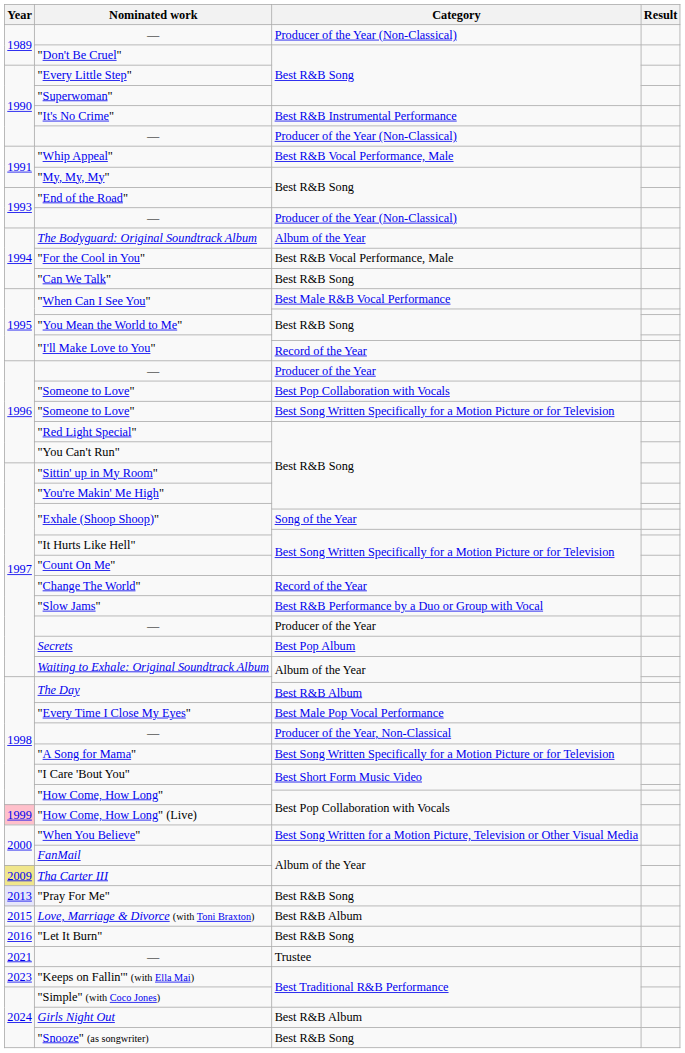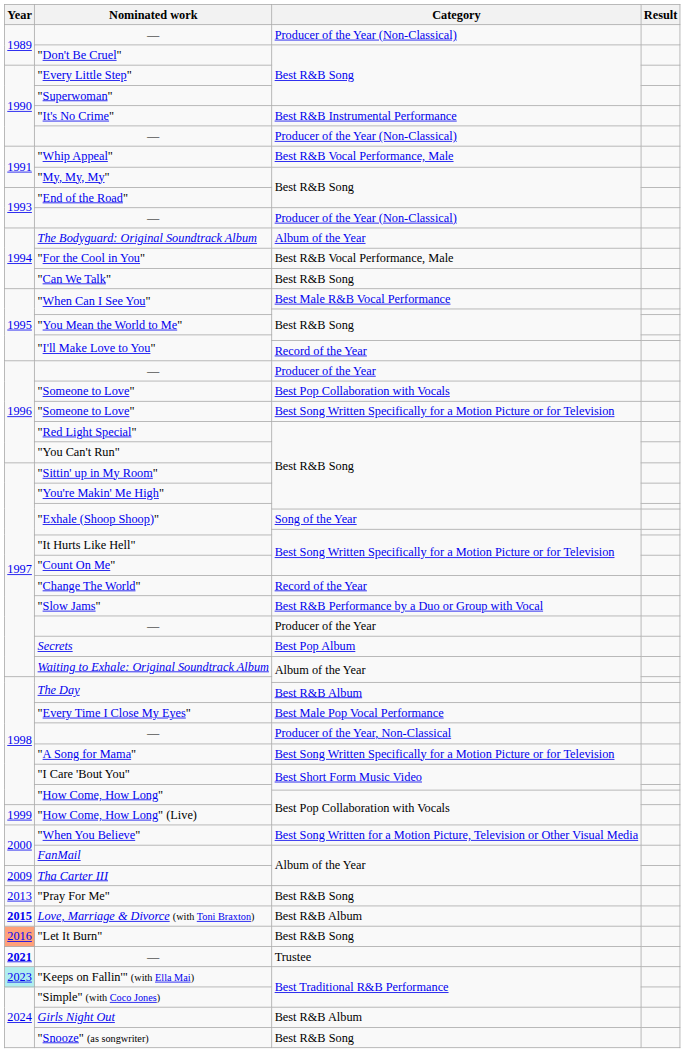 <table class="wikitable plainrowheaders" style="text-align:left; font-size:95%;">
 <tr>
 <th scope="col">Year</th>
 <th scope="col">Nominated work</th>
 <th scope="col">Category</th>
 <th scope="col">Result</th>
 </tr>
 <tr>
 <td style="text-align:center;" rowspan="2"><a href='#'>1989</a></td>
 <td align="center">—</td>
 <td><a href='#'>Producer of the Year (Non-Classical)</a></td>
 <td></td>
 </tr>
 <tr>
 <td>"<a href='#'>Don't Be Cruel</a>"</td>
 <td rowspan="3"><a href='#'>Best R&B Song</a></td>
 <td></td>
 </tr>
 <tr>
 <td style="text-align:center;" rowspan="4"><a href='#'>1990</a></td>
 <td>"<a href='#'>Every Little Step</a>"</td>
 <td></td>
 </tr>
 <tr>
 <td>"<a href='#'>Superwoman</a>"</td>
 <td></td>
 </tr>
 <tr>
 <td>"<a href='#'>It's No Crime</a>"</td>
 <td><a href='#'>Best R&B Instrumental Performance</a></td>
 <td></td>
 </tr>
 <tr>
 <td align="center">—</td>
 <td><a href='#'>Producer of the Year (Non-Classical)</a></td>
 <td></td>
 </tr>
 <tr>
 <td style="text-align:center;" rowspan="2"><a href='#'>1991</a></td>
 <td>"<a href='#'>Whip Appeal</a>"</td>
 <td><a href='#'>Best R&B Vocal Performance, Male</a></td>
 <td></td>
 </tr>
 <tr>
 <td>"<a href='#'>My, My, My</a>"</td>
 <td rowspan="2">Best R&B Song</td>
 <td></td>
 </tr>
 <tr>
 <td style="text-align:center;" rowspan="2"><a href='#'>1993</a></td>
 <td>"<a href='#'>End of the Road</a>"</td>
 <td></td>
 </tr>
 <tr>
 <td align="center">—</td>
 <td><a href='#'>Producer of the Year (Non-Classical)</a></td>
 <td></td>
 </tr>
 <tr>
 <td style="text-align:center;" rowspan="3"><a href='#'>1994</a></td>
 <td><em><a href='#'>The Bodyguard: Original Soundtrack Album</a></em> </td>
 <td><a href='#'>Album of the Year</a></td>
 <td></td>
 </tr>
 <tr>
 <td>"<a href='#'>For the Cool in You</a>"</td>
 <td>Best R&B Vocal Performance, Male</td>
 <td></td>
 </tr>
 <tr>
 <td>"<a href='#'>Can We Talk</a>"</td>
 <td>Best R&B Song</td>
 <td></td>
 </tr>
 <tr>
 <td style="text-align:center;" rowspan="5"><a href='#'>1995</a></td>
 <td rowspan="2">"<a href='#'>When Can I See You</a>"</td>
 <td><a href='#'>Best Male R&B Vocal Performance</a></td>
 <td></td>
 </tr>
 <tr>
 <td rowspan="3">Best R&B Song</td>
 <td></td>
 </tr>
 <tr>
 <td>"<a href='#'>You Mean the World to Me</a>"</td>
 <td></td>
 </tr>
 <tr>
 <td rowspan="2">"<a href='#'>I'll Make Love to You</a>"</td>
 <td></td>
 </tr>
 <tr>
 <td><a href='#'>Record of the Year</a></td>
 <td></td>
 </tr>
 <tr>
 <td style="text-align:center;" rowspan="5"><a href='#'>1996</a></td>
 <td align="center">—</td>
 <td><a href='#'>Producer of the Year</a></td>
 <td></td>
 </tr>
 <tr>
 <td>"<a href='#'>Someone to Love</a>" </td>
 <td><a href='#'>Best Pop Collaboration with Vocals</a></td>
 <td></td>
 </tr>
 <tr>
 <td>"<a href='#'>Someone to Love</a>"</td>
 <td><a href='#'>Best Song Written Specifically for a Motion Picture or for Television</a></td>
 <td></td>
 </tr>
 <tr>
 <td>"<a href='#'>Red Light Special</a>"</td>
 <td rowspan="5">Best R&B Song</td>
 <td></td>
 </tr>
 <tr>
 <td>"You Can't Run"</td>
 <td></td>
 </tr>
 <tr>
 <td style="text-align:center;" rowspan="12"><a href='#'>1997</a></td>
 <td>"<a href='#'>Sittin' up in My Room</a>"</td>
 <td></td>
 </tr>
 <tr>
 <td>"<a href='#'>You're Makin' Me High</a>"</td>
 <td></td>
 </tr>
 <tr>
 <td rowspan="3">"<a href='#'>Exhale (Shoop Shoop)</a>"</td>
 <td></td>
 </tr>
 <tr>
 <td><a href='#'>Song of the Year</a></td>
 <td></td>
 </tr>
 <tr>
 <td rowspan="3"><a href='#'>Best Song Written Specifically for a Motion Picture or for Television</a></td>
 <td></td>
 </tr>
 <tr>
 <td>"It Hurts Like Hell"</td>
 <td></td>
 </tr>
 <tr>
 <td>"<a href='#'>Count On Me</a>"</td>
 <td></td>
 </tr>
 <tr>
 <td>"<a href='#'>Change The World</a>" </td>
 <td><a href='#'>Record of the Year</a></td>
 <td></td>
 </tr>
 <tr>
 <td>"<a href='#'>Slow Jams</a>"</td>
 <td><a href='#'>Best R&B Performance by a Duo or Group with Vocal</a></td>
 <td></td>
 </tr>
 <tr>
 <td align="center">—</td>
 <td>Producer of the Year</td>
 <td></td>
 </tr>
 <tr>
 <td><em><a href='#'>Secrets</a></em></td>
 <td><a href='#'>Best Pop Album</a></td>
 <td></td>
 </tr>
 <tr>
 <td><em><a href='#'>Waiting to Exhale: Original Soundtrack Album</a></em></td>
 <td rowspan="2">Album of the Year</td>
 <td></td>
 </tr>
 <tr>
 <td style="text-align:center;" rowspan="8"><a href='#'>1998</a></td>
 <td rowspan="2"><em><a href='#'>The Day</a></em></td>
 <td></td>
 </tr>
 <tr>
 <td><a href='#'>Best R&B Album</a></td>
 <td></td>
 </tr>
 <tr>
 <td>"<a href='#'>Every Time I Close My Eyes</a>"</td>
 <td><a href='#'>Best Male Pop Vocal Performance</a></td>
 <td></td>
 </tr>
 <tr>
 <td align="center">—</td>
 <td><a href='#'>Producer of the Year, Non-Classical</a></td>
 <td></td>
 </tr>
 <tr>
 <td>"<a href='#'>A Song for Mama</a>"</td>
 <td><a href='#'>Best Song Written Specifically for a Motion Picture or for Television</a></td>
 <td></td>
 </tr>
 <tr>
 <td>"I Care 'Bout You"</td>
 <td rowspan="2"><a href='#'>Best Short Form Music Video</a></td>
 <td></td>
 </tr>
 <tr>
 <td rowspan="2">"<a href='#'>How Come, How Long</a>" </td>
 <td></td>
 </tr>
 <tr>
 <td rowspan="2">Best Pop Collaboration with Vocals</td>
 <td></td>
 </tr>
 <tr>
-<td style="background: pink; text-align:center;"><a href='#'>1999</a></td>
+<td style="text-align:center;"><a href='#'>1999</a></td>
 <td>"<a href='#'>How Come, How Long</a>" (Live) </td>
 <td></td>
 </tr>
 <tr>
 <td style="text-align:center;" rowspan="2"><a href='#'>2000</a></td>
 <td>"<a href='#'>When You Believe</a>"</td>
 <td><a href='#'>Best Song Written for a Motion Picture, Television or Other Visual Media</a></td>
 <td></td>
 </tr>
 <tr>
 <td><em><a href='#'>FanMail</a></em></td>
 <td rowspan="2">Album of the Year</td>
 <td></td>
 </tr>
 <tr>
-<td style="background: khaki; text-align:center;"><a href='#'>2009</a></td>
+<td style="text-align:center;"><a href='#'>2009</a></td>
 <td><em><a href='#'>Tha Carter III</a></em> </td>
 <td></td>
 </tr>
 <tr>
-<td style="background: lavender; text-align:center;"><a href='#'>2013</a></td>
+<td style="text-align:center;"><a href='#'>2013</a></td>
 <td>"Pray For Me"</td>
 <td>Best R&B Song</td>
 <td></td>
 </tr>
 <tr>
-<td style="text-align:center;"><a href='#'>2015</a></td>
+<td style="text-align:center;"><strong><a href='#'>2015</a></strong></td>
 <td><em><a href='#'>Love, Marriage & Divorce</a></em> <small>(with <a href='#'>Toni Braxton</a>)</small></td>
 <td>Best R&B Album</td>
 <td></td>
 </tr>
 <tr>
-<td style="text-align:center;"><a href='#'>2016</a></td>
+<td style="background: lightsalmon; text-align:center;"><a href='#'>2016</a></td>
 <td>"Let It Burn"</td>
 <td>Best R&B Song</td>
 <td></td>
 </tr>
 <tr>
-<td style="text-align:center;"><a href='#'>2021</a></td>
+<td style="text-align:center;"><strong><a href='#'>2021</a></strong></td>
 <td align="center">—</td>
 <td>Trustee</td>
 <td></td>
 </tr>
 <tr>
-<td style="text-align:center;"><a href='#'>2023</a></td>
+<td style="background: paleturquoise; text-align:center;"><a href='#'>2023</a></td>
 <td>"Keeps on Fallin'" <small>(with <a href='#'>Ella Mai</a>)</small></td>
 <td rowspan="2"><a href='#'>Best Traditional R&B Performance</a></td>
 <td></td>
 </tr>
 <tr>
 <td style="text-align:center;"; rowspan="3"><a href='#'>2024</a></td>
 <td>"Simple" <small>(with <a href='#'>Coco Jones</a>)</small></td>
 <td></td>
 </tr>
 <tr>
 <td><em><a href='#'>Girls Night Out</a></em></td>
 <td>Best R&B Album</td>
 <td></td>
 </tr>
 <tr>
 <td>"<a href='#'>Snooze</a>" <small>(as songwriter)</small></td>
 <td>Best R&B Song</td>
 <td></td>
 </tr>
 </table>
